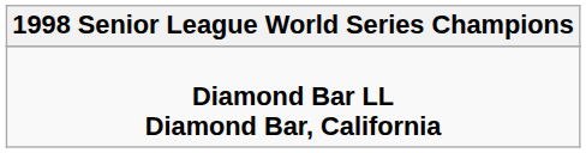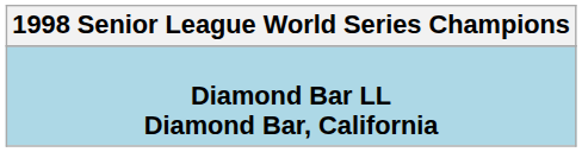 <table class="wikitable" style="text-align: center; margin: 0 auto;">
 <tr>
 <th>1998 Senior League World Series Champions</th>
 </tr>
 <tr>
 </tr>
 <tr>
-<td><br><strong>Diamond Bar LL</strong><br> <strong>Diamond Bar, California</strong></td>
+<td style="background: lightblue;"><br><strong>Diamond Bar LL</strong><br> <strong>Diamond Bar, California</strong></td>
 </tr>
 </table>
